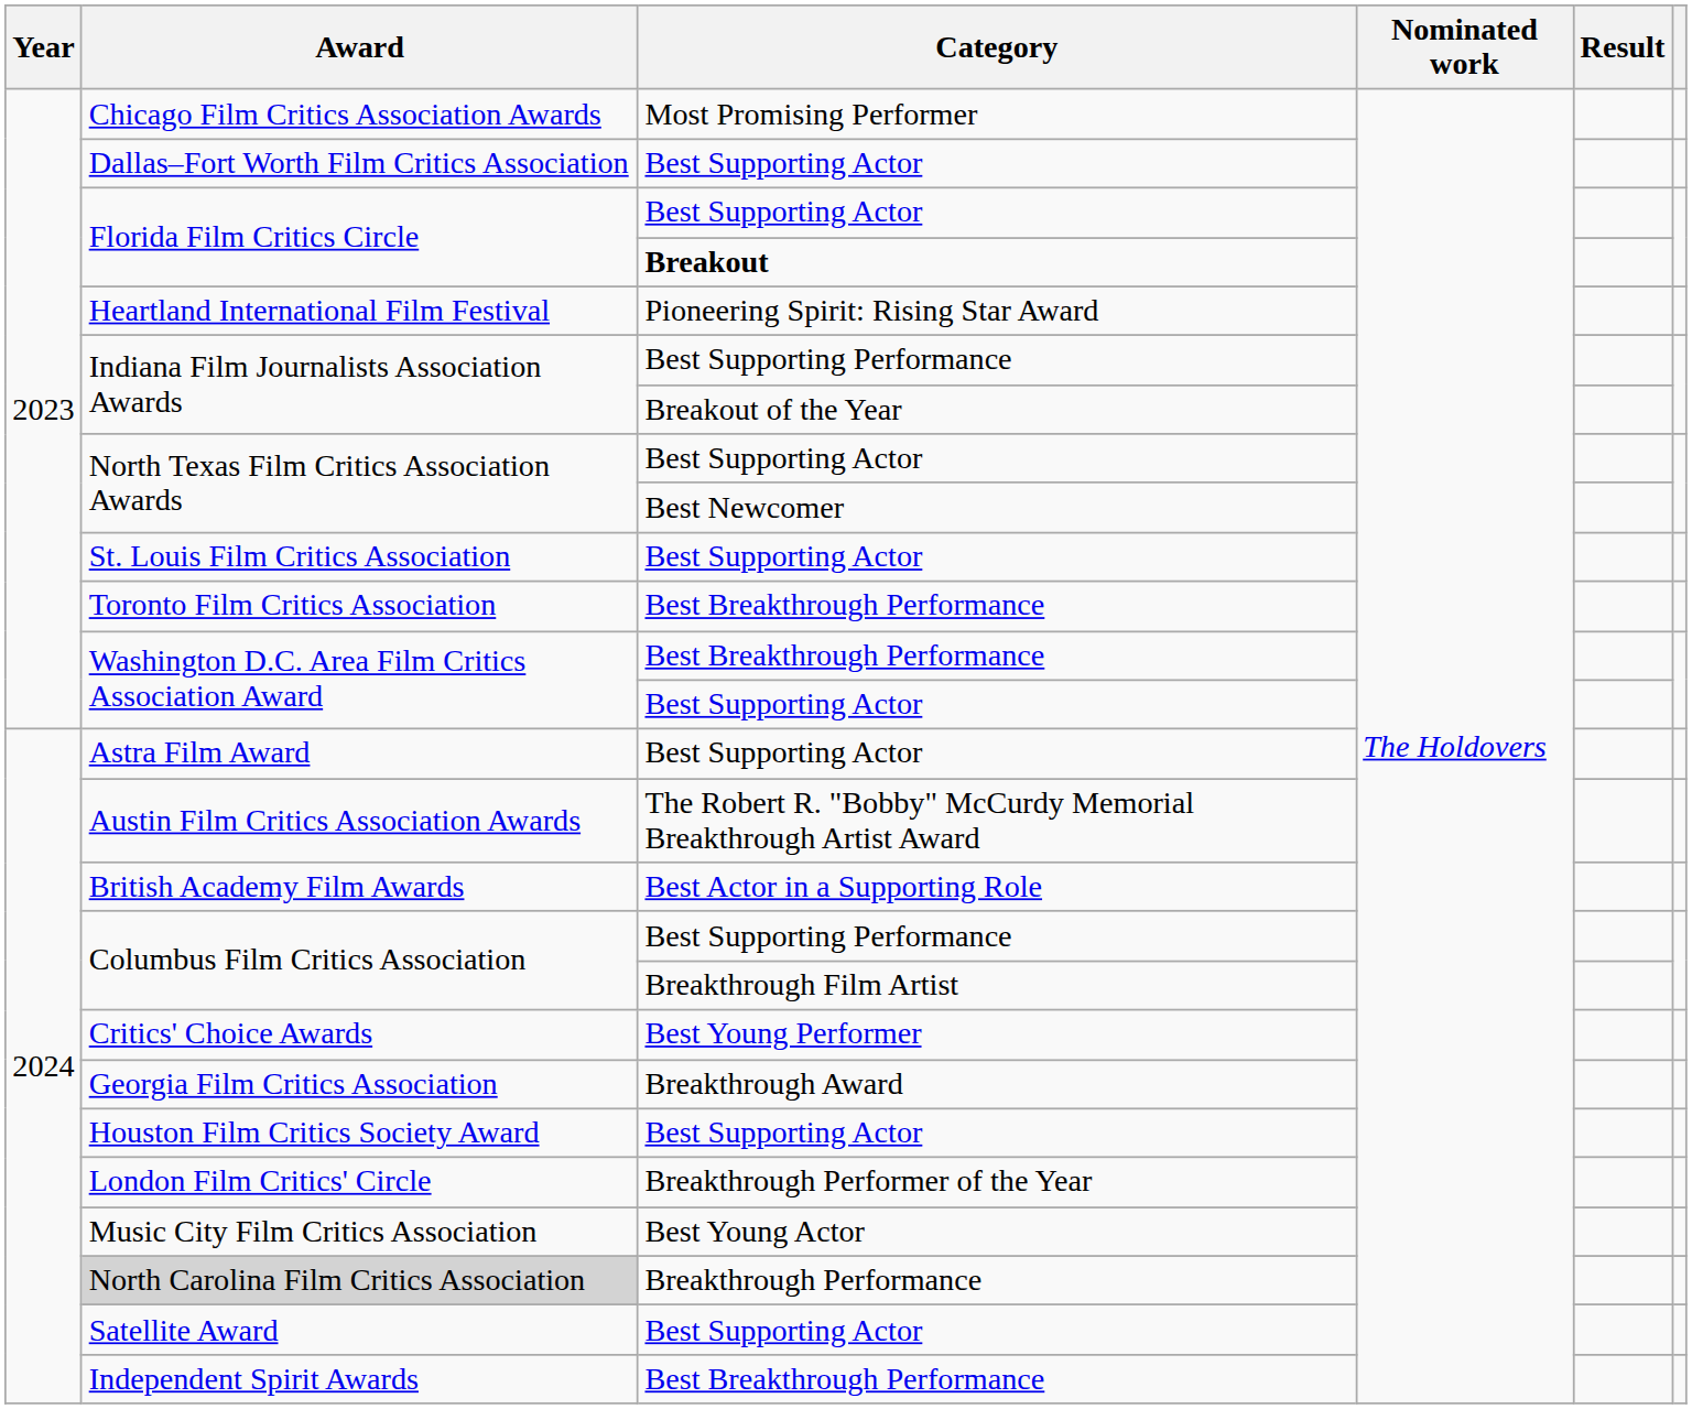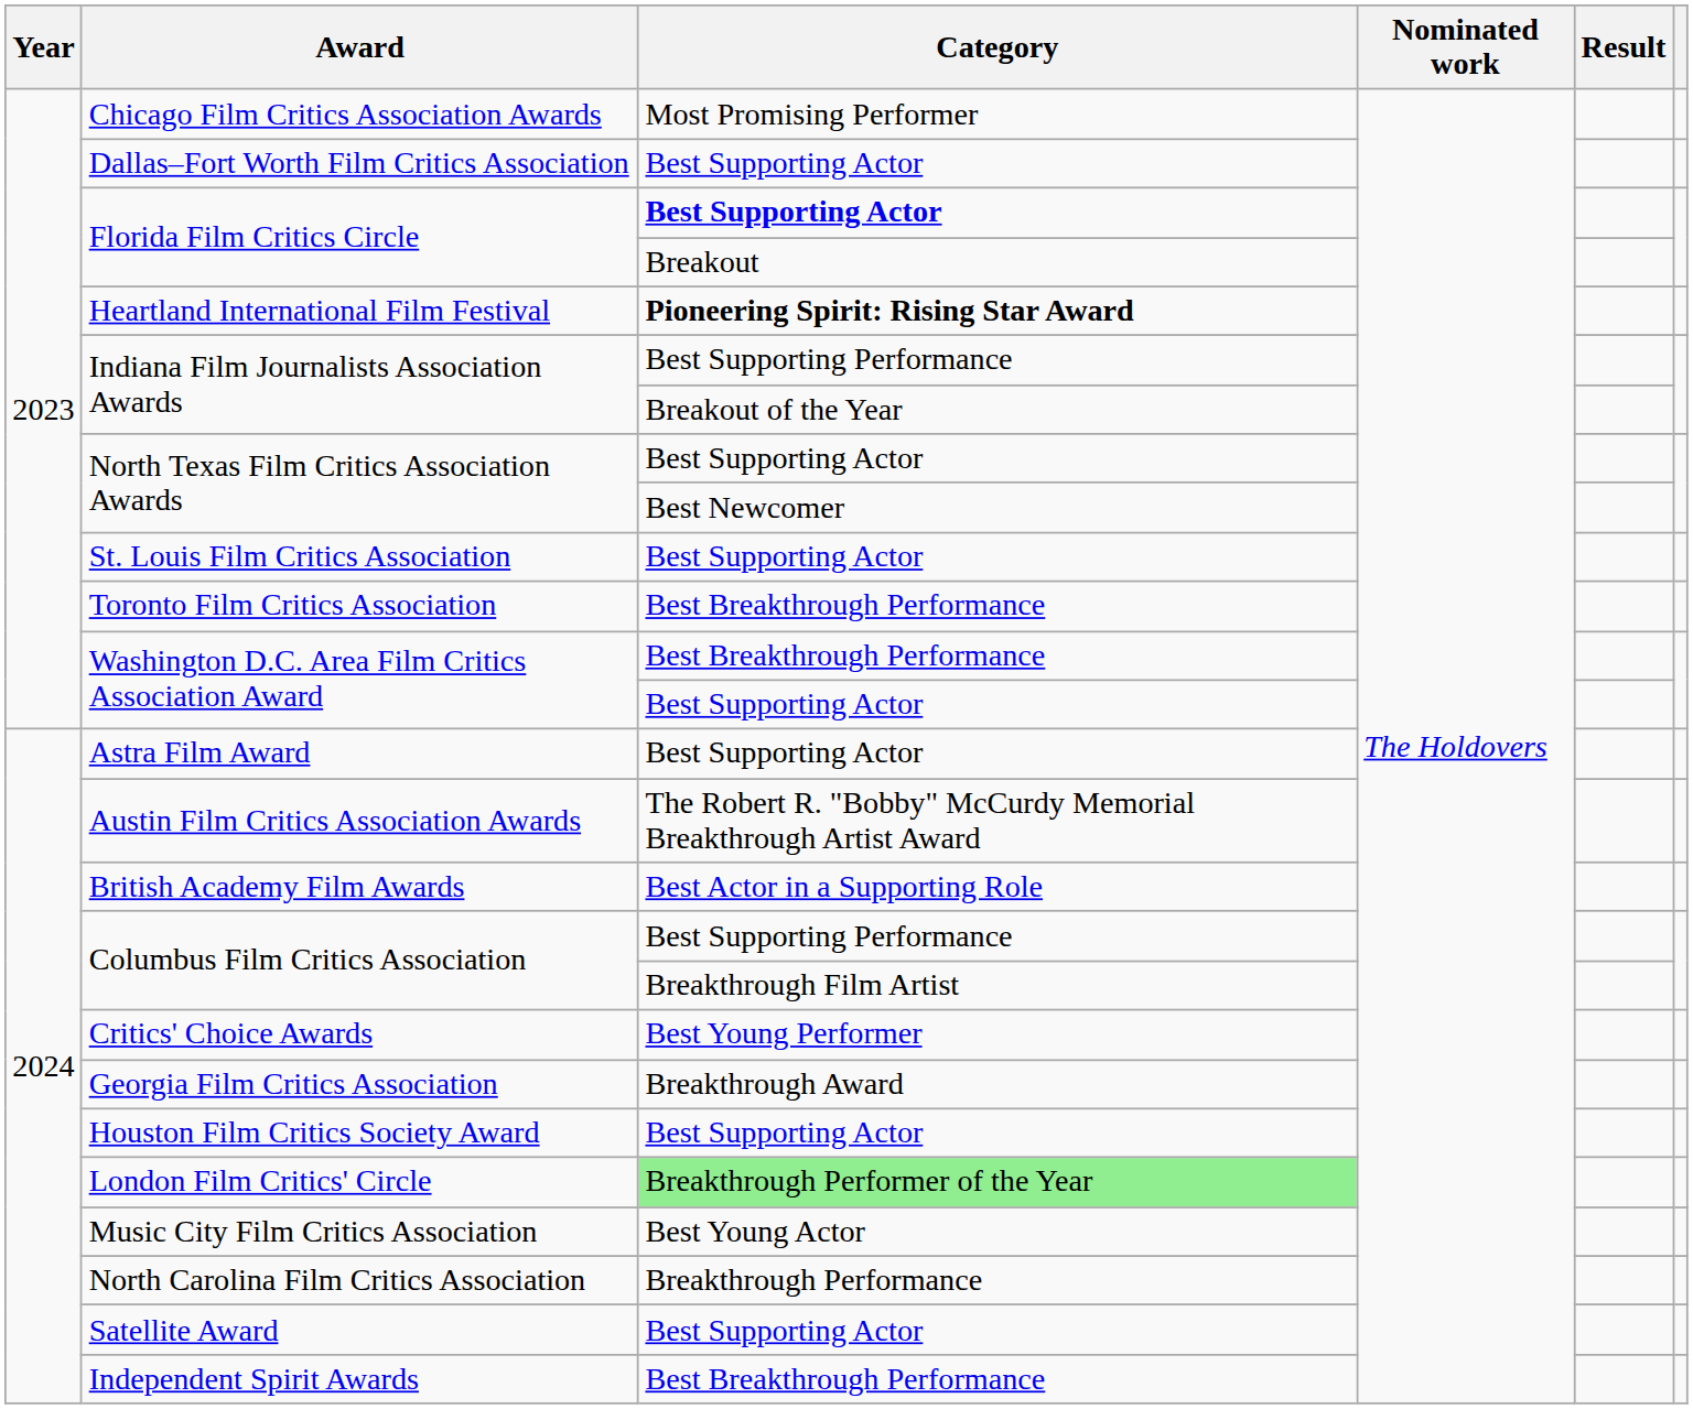 <table class="wikitable sortable">
 <tr>
 <th scope="col" class="unsortable">Year</th>
 <th scope="col" class="unsortable">Award</th>
 <th scope="col" class="unsortable">Category</th>
 <th scope="col" class="unsortable">Nominated work</th>
 <th scope="col" class="unsortable">Result</th>
 <th scope="col" class="unsortable"></th>
 </tr>
 <tr>
 <td rowspan=13>2023</td>
 <td><a href='#'>Chicago Film Critics Association Awards</a></td>
 <td>Most Promising Performer</td>
 <td rowspan="26"><em><a href='#'>The Holdovers</a></em></td>
 <td></td>
 <td></td>
 </tr>
 <tr>
 <td><a href='#'>Dallas–Fort Worth Film Critics Association</a></td>
 <td><a href='#'>Best Supporting Actor</a></td>
 <td></td>
 <td></td>
 </tr>
 <tr>
 <td rowspan=2><a href='#'>Florida Film Critics Circle</a></td>
-<td><a href='#'>Best Supporting Actor</a></td>
+<td><strong><a href='#'>Best Supporting Actor</a></strong></td>
 <td></td>
 <td rowspan=2></td>
 </tr>
 <tr>
-<td><strong>Breakout</strong></td>
+<td>Breakout</td>
 <td></td>
 </tr>
 <tr>
 <td><a href='#'>Heartland International Film Festival</a></td>
-<td>Pioneering Spirit: Rising Star Award</td>
+<td><strong>Pioneering Spirit: Rising Star Award</strong></td>
 <td></td>
 <td></td>
 </tr>
 <tr>
 <td rowspan=2>Indiana Film Journalists Association Awards</td>
 <td>Best Supporting Performance</td>
 <td></td>
 <td rowspan=2></td>
 </tr>
 <tr>
 <td>Breakout of the Year</td>
 <td></td>
 </tr>
 <tr>
 <td rowspan="2">North Texas Film Critics Association Awards</td>
 <td>Best Supporting Actor</td>
 <td></td>
 <td rowspan=2></td>
 </tr>
 <tr>
 <td>Best Newcomer</td>
 <td></td>
 </tr>
 <tr>
 <td><a href='#'>St. Louis Film Critics Association</a></td>
 <td><a href='#'>Best Supporting Actor</a></td>
 <td></td>
 <td></td>
 </tr>
 <tr>
 <td><a href='#'>Toronto Film Critics Association</a></td>
 <td><a href='#'>Best Breakthrough Performance</a></td>
 <td></td>
 <td></td>
 </tr>
 <tr>
 <td rowspan=2><a href='#'>Washington D.C. Area Film Critics Association Award</a></td>
 <td><a href='#'>Best Breakthrough Performance</a></td>
 <td></td>
 <td rowspan=2></td>
 </tr>
 <tr>
 <td><a href='#'>Best Supporting Actor</a></td>
 <td></td>
 </tr>
 <tr>
 <td rowspan="13">2024</td>
 <td><a href='#'>Astra Film Award</a></td>
 <td>Best Supporting Actor</td>
 <td></td>
 <td></td>
 </tr>
 <tr>
 <td><a href='#'>Austin Film Critics Association Awards</a></td>
 <td>The Robert R. "Bobby" McCurdy Memorial Breakthrough Artist Award</td>
 <td></td>
 <td></td>
 </tr>
 <tr>
 <td><a href='#'>British Academy Film Awards</a></td>
 <td><a href='#'>Best Actor in a Supporting Role</a></td>
 <td></td>
 <td></td>
 </tr>
 <tr>
 <td rowspan=2>Columbus Film Critics Association</td>
 <td>Best Supporting Performance</td>
 <td></td>
 <td rowspan=2></td>
 </tr>
 <tr>
 <td>Breakthrough Film Artist</td>
 <td></td>
 </tr>
 <tr>
 <td><a href='#'>Critics' Choice Awards</a></td>
 <td><a href='#'>Best Young Performer</a></td>
 <td></td>
 <td></td>
 </tr>
 <tr>
 <td><a href='#'>Georgia Film Critics Association</a></td>
 <td>Breakthrough Award</td>
 <td></td>
 <td></td>
 </tr>
 <tr>
 <td><a href='#'>Houston Film Critics Society Award</a></td>
 <td><a href='#'>Best Supporting Actor</a></td>
 <td></td>
 <td></td>
 </tr>
 <tr>
 <td><a href='#'>London Film Critics' Circle</a></td>
-<td>Breakthrough Performer of the Year</td>
+<td style="background: lightgreen;">Breakthrough Performer of the Year</td>
 <td></td>
 <td></td>
 </tr>
 <tr>
 <td>Music City Film Critics Association</td>
 <td>Best Young Actor</td>
 <td></td>
 <td></td>
 </tr>
 <tr>
-<td style="background: lightgrey;">North Carolina Film Critics Association</td>
+<td>North Carolina Film Critics Association</td>
 <td>Breakthrough Performance</td>
 <td></td>
 <td></td>
 </tr>
 <tr>
 <td><a href='#'>Satellite Award</a></td>
 <td><a href='#'>Best Supporting Actor</a></td>
 <td></td>
 <td></td>
 </tr>
 <tr>
 <td><a href='#'>Independent Spirit Awards</a></td>
 <td><a href='#'>Best Breakthrough Performance</a></td>
 <td></td>
 <td></td>
 </tr>
 </table>
